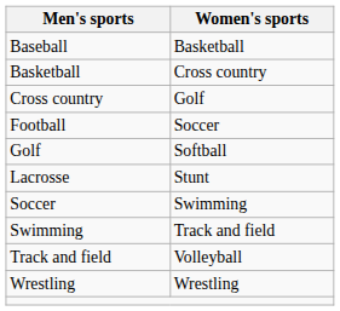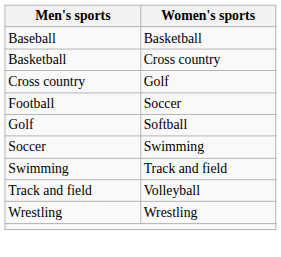 <table class="wikitable"; style="float:right; clear:right; margin-left:15px">
 <tr>
 <th width=150px>Men's sports</th>
 <th width=150px>Women's sports</th>
 </tr>
 <tr>
 <td>Baseball</td>
 <td>Basketball</td>
 </tr>
 <tr>
 <td>Basketball</td>
 <td>Cross country</td>
 </tr>
 <tr>
 <td>Cross country</td>
 <td>Golf</td>
 </tr>
 <tr>
 <td>Football</td>
 <td>Soccer</td>
 </tr>
 <tr>
 <td>Golf</td>
 <td>Softball</td>
 </tr>
 <tr>
-<td>Lacrosse</td>
-<td>Stunt</td>
-</tr>
-<tr>
 <td>Soccer</td>
 <td>Swimming</td>
 </tr>
 <tr>
 <td>Swimming</td>
 <td>Track and field</td>
 </tr>
 <tr>
 <td>Track and field</td>
 <td>Volleyball</td>
 </tr>
 <tr>
 <td>Wrestling</td>
 <td>Wrestling</td>
 </tr>
 <tr>
 <td colspan=2></td>
 </tr>
 </table>
